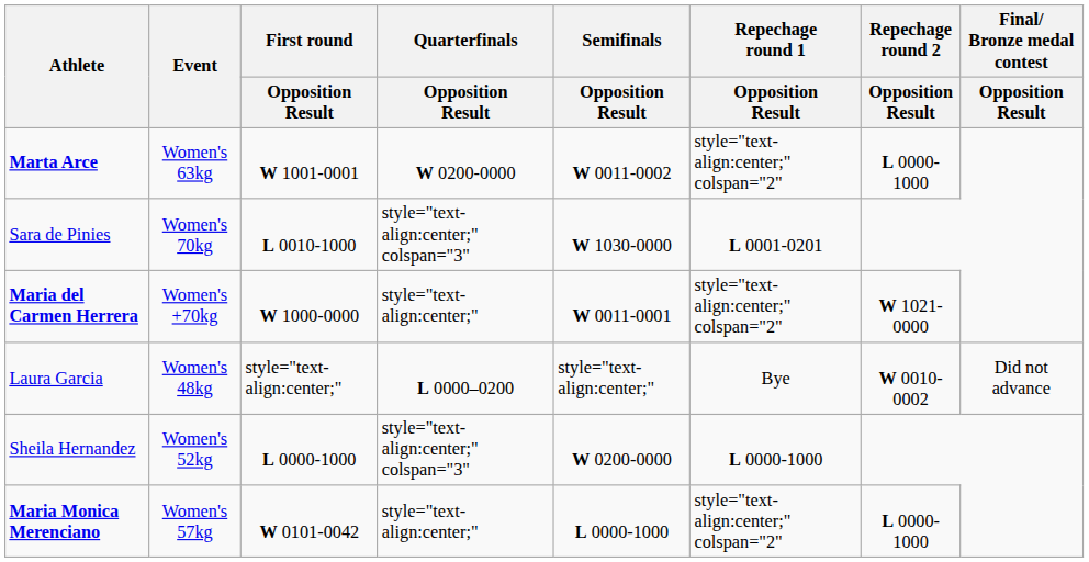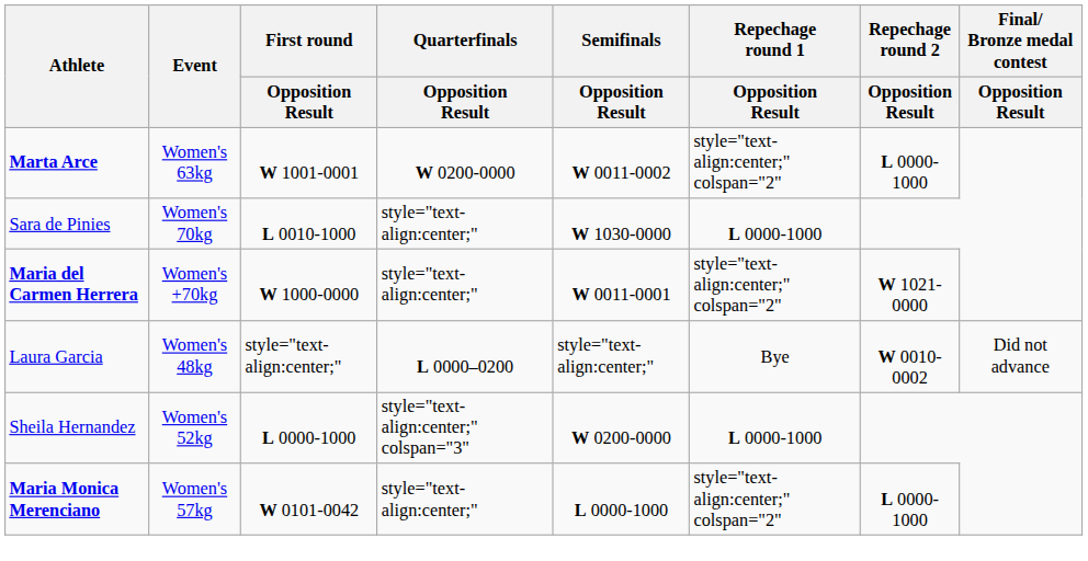 <table class=wikitable style="font-size:90%">
 <tr>
 <th rowspan="2">Athlete</th>
 <th rowspan="2">Event</th>
 <th>First round</th>
 <th>Quarterfinals</th>
 <th>Semifinals</th>
 <th>Repechage <br>round 1</th>
 <th>Repechage <br>round 2</th>
 <th>Final/<br>Bronze medal contest</th>
 </tr>
 <tr>
 <th>Opposition<br>Result</th>
 <th>Opposition<br>Result</th>
 <th>Opposition<br>Result</th>
 <th>Opposition<br>Result</th>
 <th>Opposition<br>Result</th>
 <th>Opposition<br>Result</th>
 </tr>
 <tr>
 <td><strong><a href='#'>Marta Arce</a></strong></td>
 <td style="text-align:center;"><a href='#'>Women's 63kg</a></td>
 <td style="text-align:center;"><br> <strong>W</strong> 1001-0001</td>
 <td style="text-align:center;"><br> <strong>W</strong> 0200-0000</td>
 <td style="text-align:center;"><br> <strong>W</strong> 0011-0002</td>
 <td>style="text-align:center;" colspan="2" </td>
 <td style="text-align:center;"><br> <strong>L</strong> 0000-1000 </td>
 </tr>
 <tr>
 <td><a href='#'>Sara de Pinies</a></td>
 <td style="text-align:center;"><a href='#'>Women's 70kg</a></td>
 <td style="text-align:center;"><br> <strong>L</strong> 0010-1000</td>
-<td>style="text-align:center;" colspan="3" </td>
+<td>style="text-align:center;" </td>
 <td style="text-align:center;"><br> <strong>W</strong> 1030-0000</td>
-<td style="text-align:center;"><br> <strong>L</strong> 0001-0201</td>
+<td style="text-align:center;"><br> <strong>L</strong> 0000-1000</td>
 </tr>
 <tr>
 <td><strong><a href='#'>Maria del Carmen Herrera</a></strong></td>
 <td style="text-align:center;"><a href='#'>Women's +70kg</a></td>
 <td style="text-align:center;"><br> <strong>W</strong> 1000-0000</td>
 <td>style="text-align:center;" </td>
 <td style="text-align:center;"><br> <strong>W</strong> 0011-0001</td>
 <td>style="text-align:center;" colspan="2" </td>
 <td style="text-align:center;"><br> <strong>W</strong> 1021-0000 </td>
 </tr>
 <tr>
 <td><a href='#'>Laura Garcia</a></td>
 <td style="text-align:center;"><a href='#'>Women's 48kg</a></td>
 <td>style="text-align:center;" </td>
 <td style="text-align:center;"><br> <strong>L</strong> 0000–0200</td>
 <td>style="text-align:center;" </td>
 <td style="text-align:center;">Bye</td>
 <td style="text-align:center;"><br> <strong>W</strong> 0010-0002 </td>
 <td style="text-align:center;">Did not advance</td>
 </tr>
 <tr>
 <td><a href='#'>Sheila Hernandez</a></td>
 <td style="text-align:center;"><a href='#'>Women's 52kg</a></td>
 <td style="text-align:center;"><br> <strong>L</strong> 0000-1000</td>
 <td>style="text-align:center;" colspan="3" </td>
 <td style="text-align:center;"><br> <strong>W</strong> 0200-0000</td>
 <td style="text-align:center;"><br> <strong>L</strong> 0000-1000</td>
 </tr>
 <tr>
 <td><strong><a href='#'>Maria Monica Merenciano</a></strong></td>
 <td style="text-align:center;"><a href='#'>Women's 57kg</a></td>
 <td style="text-align:center;"><br> <strong>W</strong> 0101-0042</td>
 <td>style="text-align:center;" </td>
 <td style="text-align:center;"><br> <strong>L</strong> 0000-1000</td>
 <td>style="text-align:center;" colspan="2" </td>
 <td style="text-align:center;"><br> <strong>L</strong> 0000-1000</td>
 </tr>
 </table>
